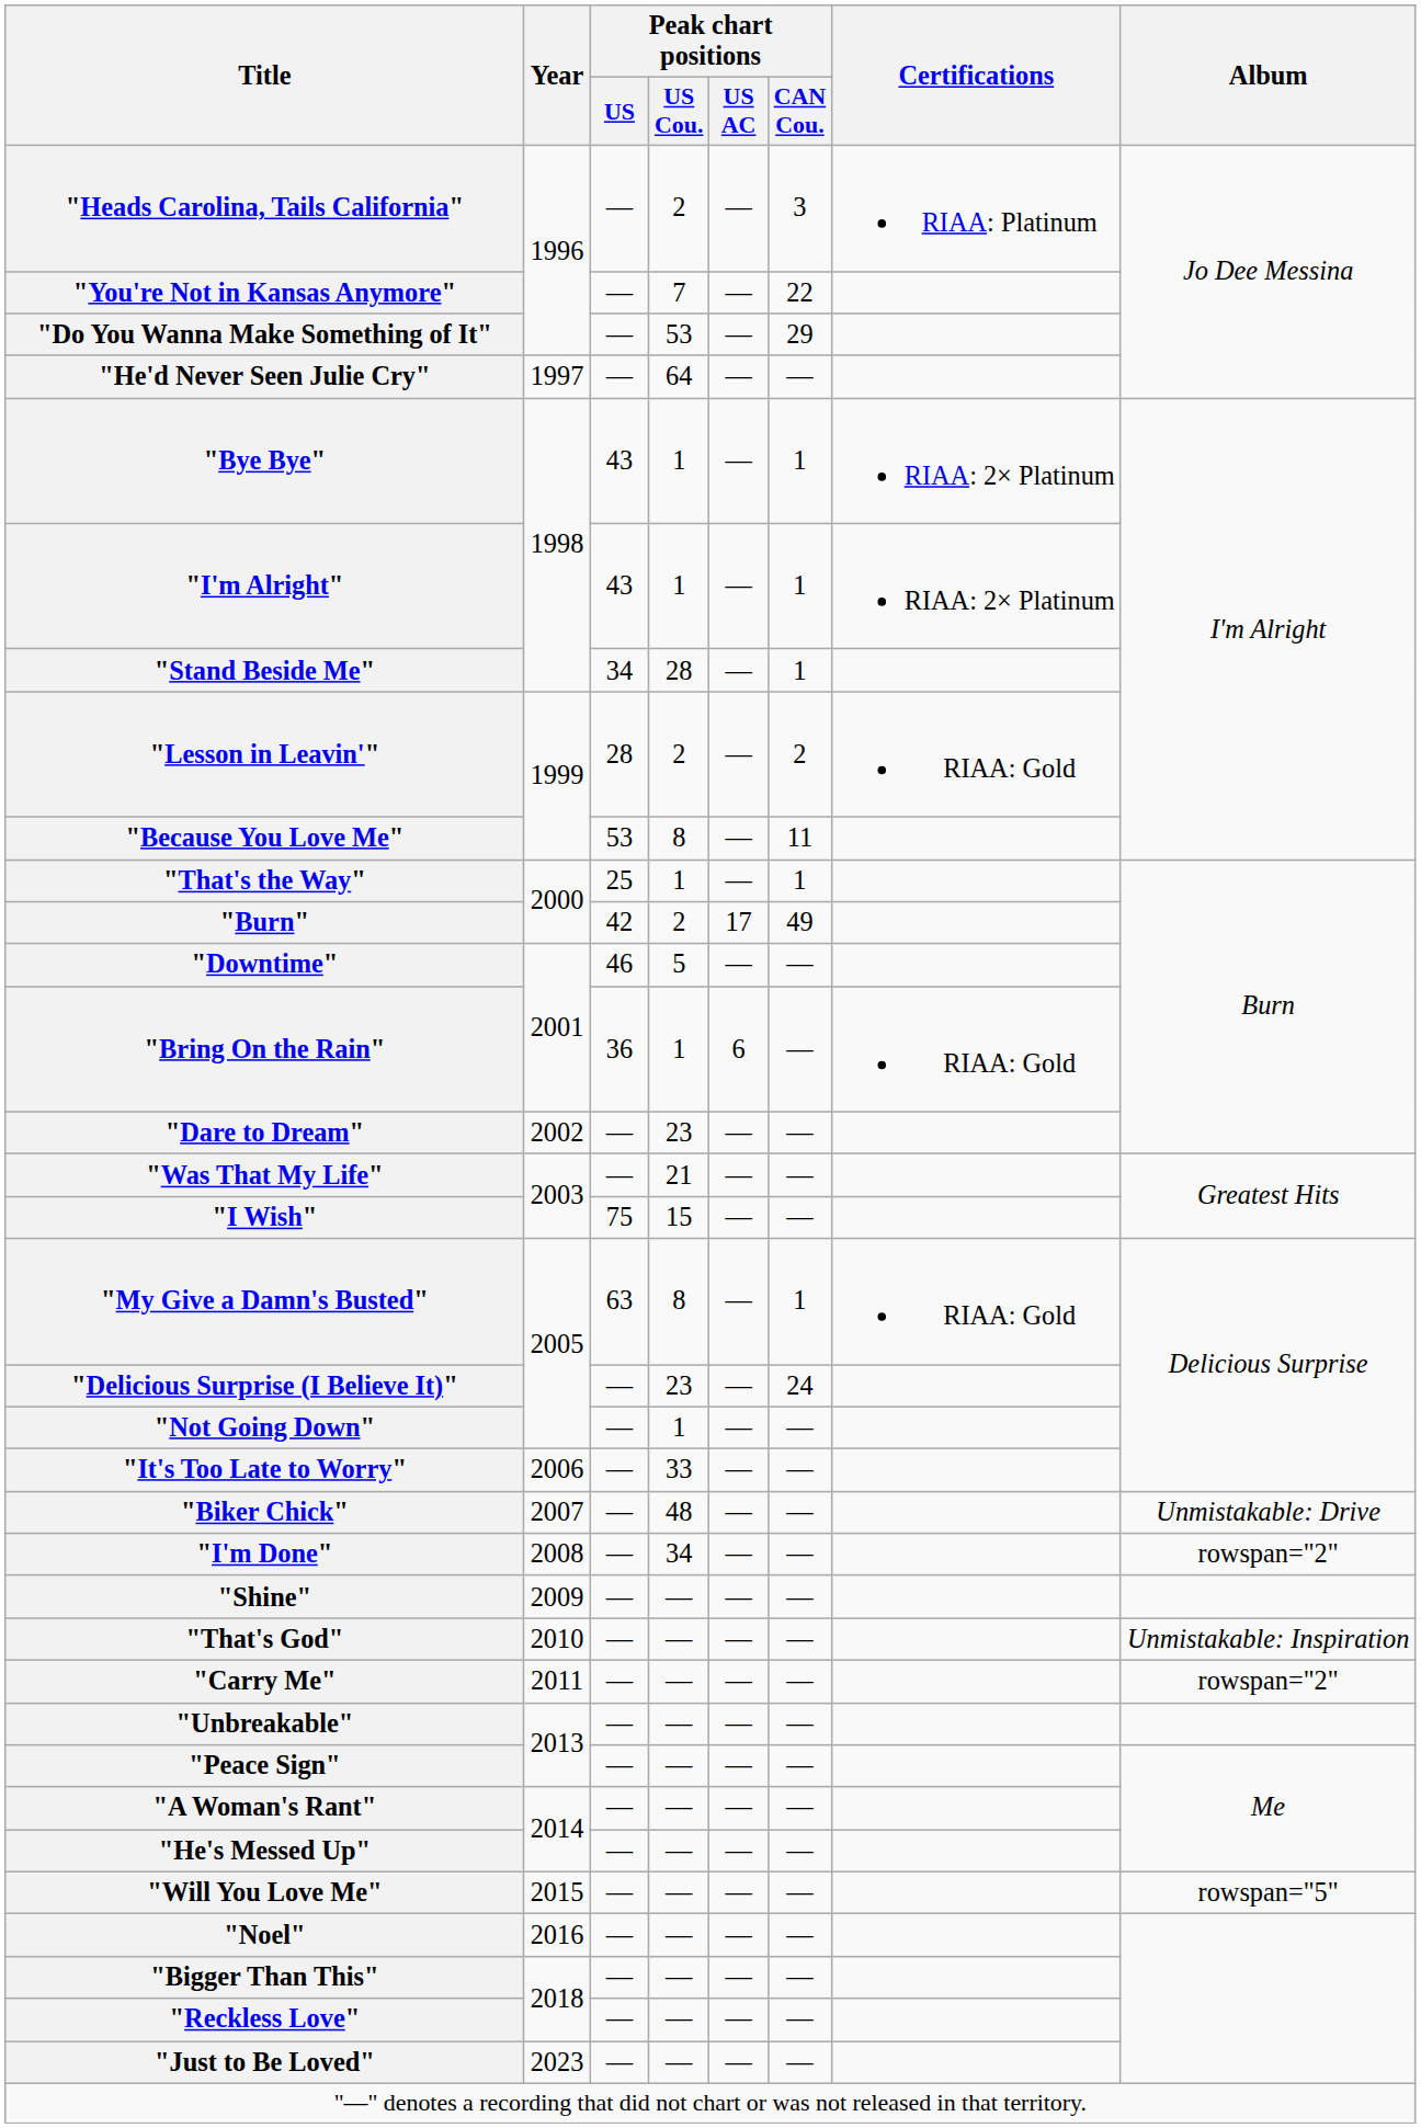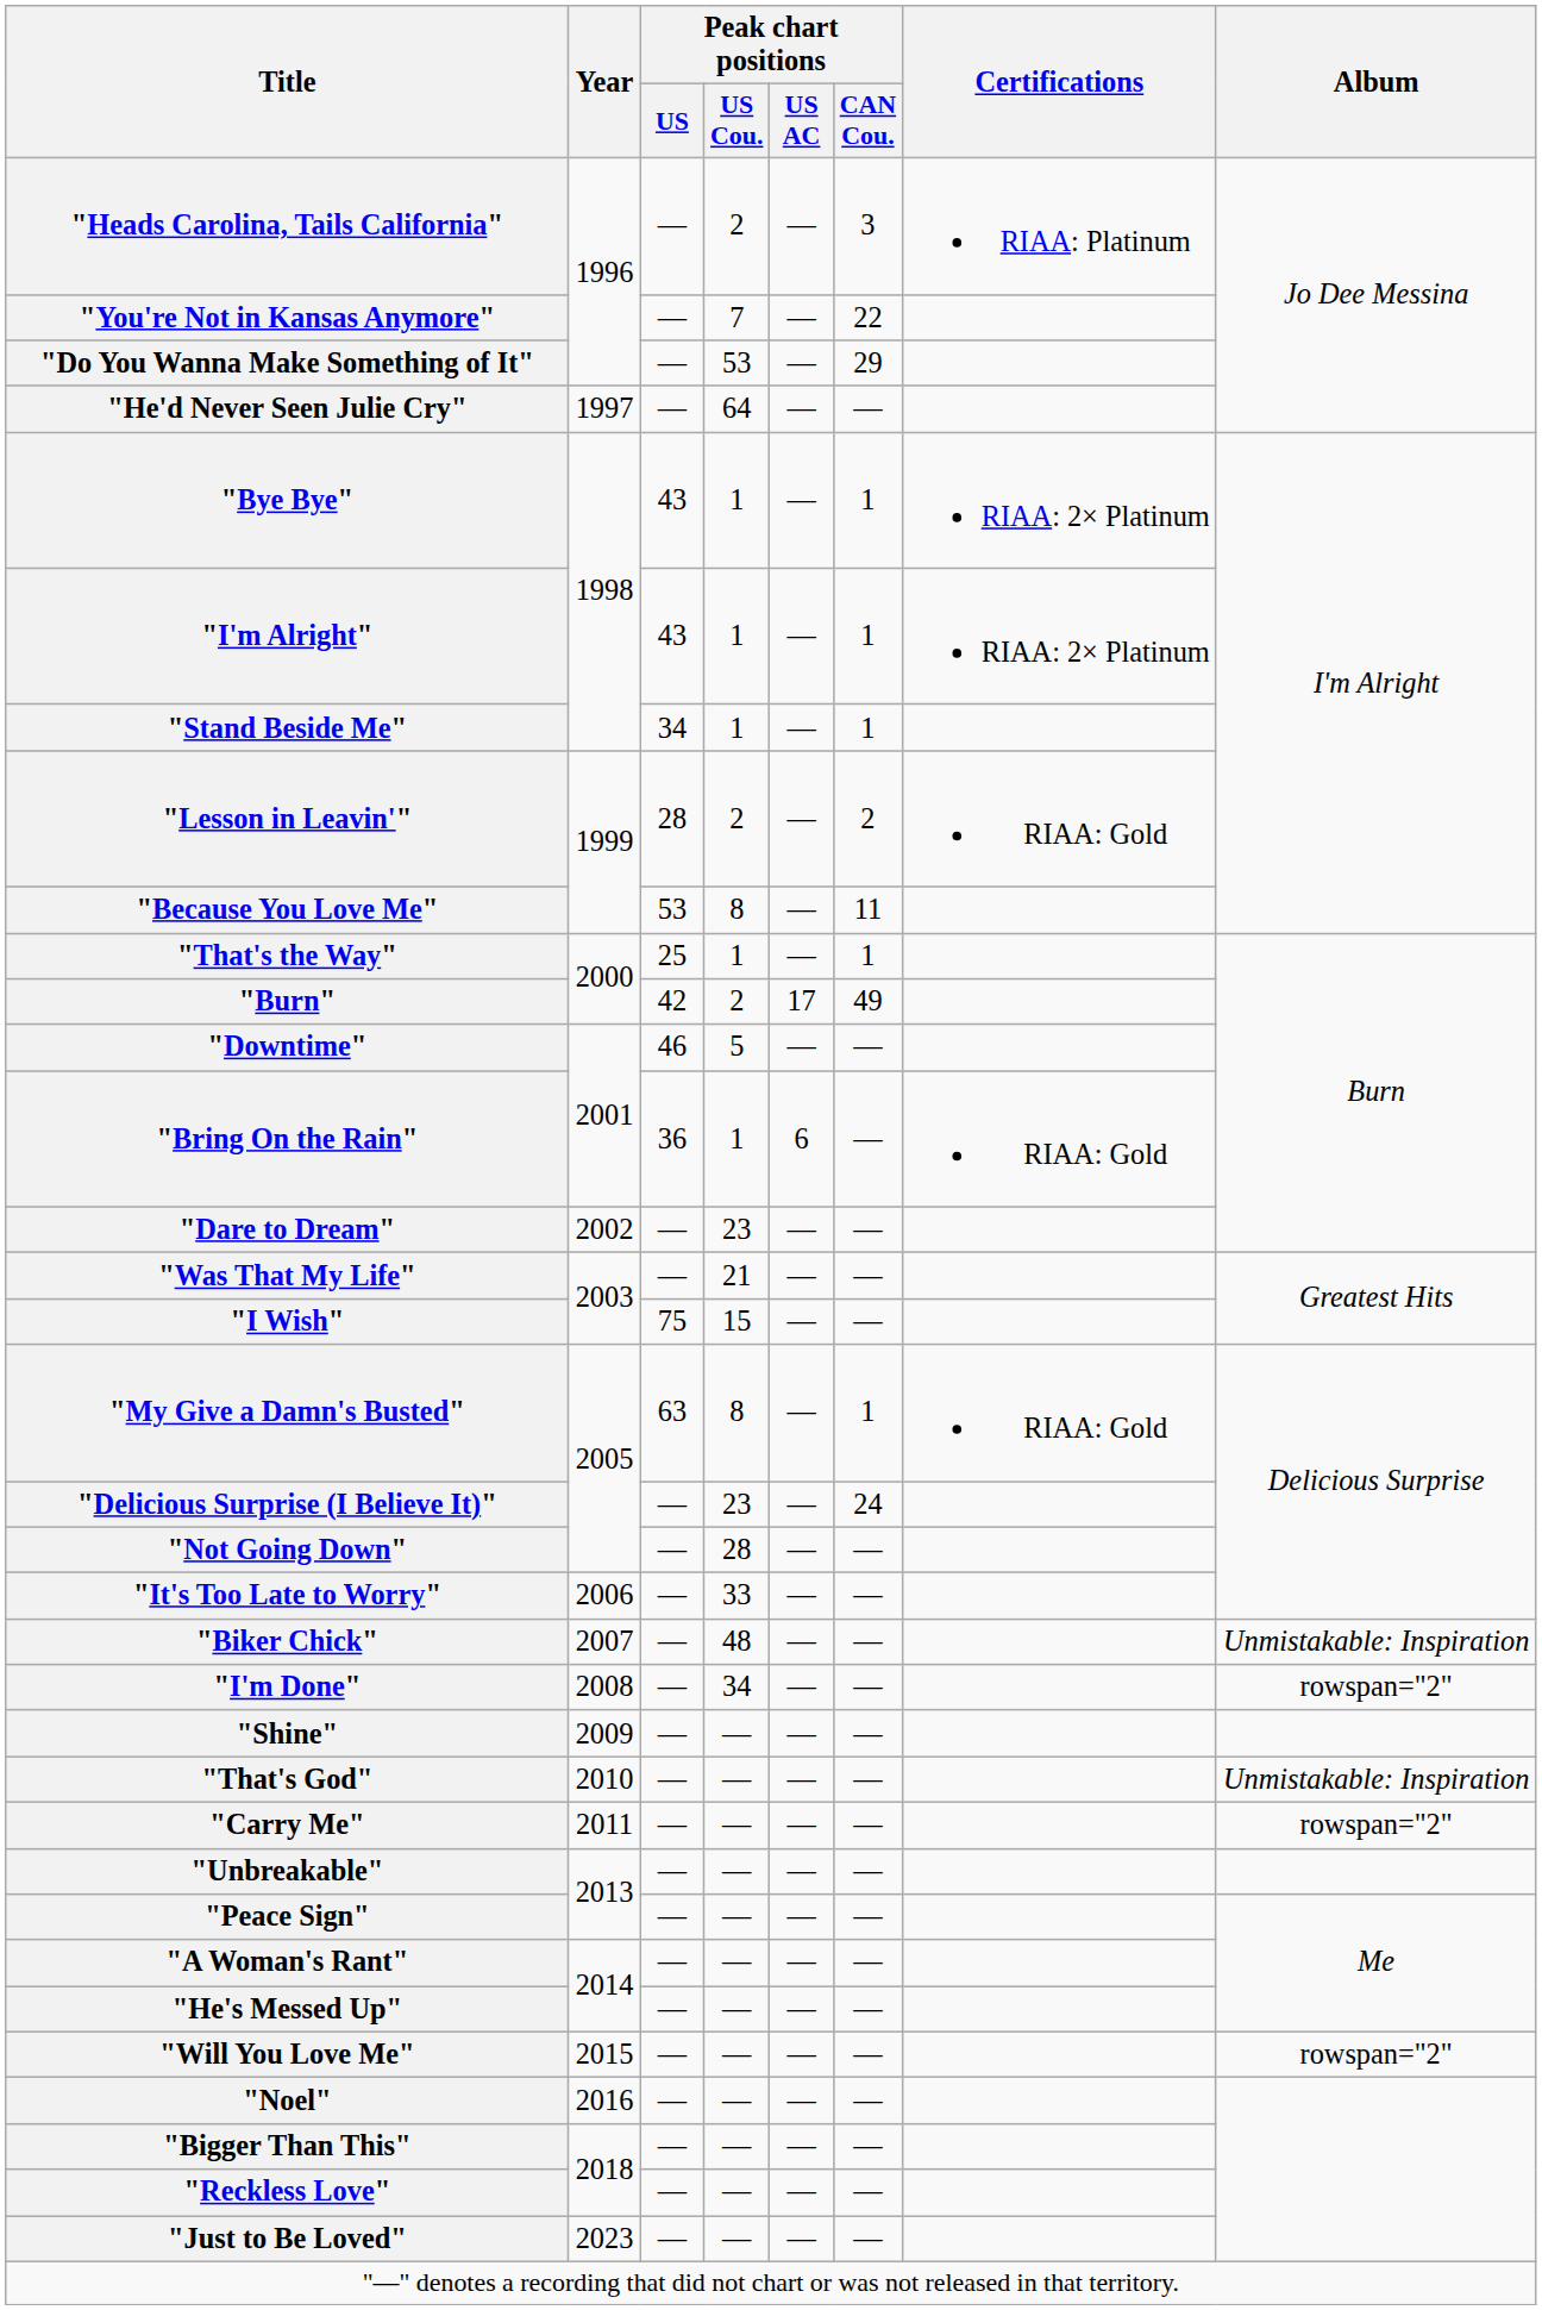 <table class="wikitable plainrowheaders" style="text-align:center;" border="1">
 <tr>
 <th scope="col" rowspan="2" style="width:19em;">Title</th>
 <th scope="col" rowspan="2">Year</th>
 <th scope="col" colspan="4">Peak chart positions</th>
 <th scope="col" rowspan="2"><a href='#'>Certifications</a></th>
 <th scope="col" rowspan="2">Album</th>
 </tr>
 <tr>
 <th scope="col" style="width:2em;font-size:90%;"><a href='#'>US</a><br></th>
 <th scope="col" style="width:2em;font-size:90%;"><a href='#'>US<br>Cou.</a><br></th>
 <th scope="col" style="width:2em;font-size:90%;"><a href='#'>US<br>AC</a><br></th>
 <th scope="col" style="width:2em;font-size:90%;"><a href='#'>CAN<br>Cou.</a><br></th>
 </tr>
 <tr>
 <th scope="row">"<a href='#'>Heads Carolina, Tails California</a>"</th>
 <td rowspan="3">1996</td>
 <td>—</td>
 <td>2</td>
 <td>—</td>
 <td>3</td>
 <td><br><ul><li><a href='#'>RIAA</a>: Platinum</li></ul></td>
 <td rowspan="4"><em>Jo Dee Messina</em></td>
 </tr>
 <tr>
 <th scope="row">"<a href='#'>You're Not in Kansas Anymore</a>"</th>
 <td>—</td>
 <td>7</td>
 <td>—</td>
 <td>22</td>
 <td></td>
 </tr>
 <tr>
 <th scope="row">"Do You Wanna Make Something of It"</th>
 <td>—</td>
 <td>53</td>
 <td>—</td>
 <td>29</td>
 <td></td>
 </tr>
 <tr>
 <th scope="row">"He'd Never Seen Julie Cry"</th>
 <td>1997</td>
 <td>—</td>
 <td>64</td>
 <td>—</td>
 <td>—</td>
 <td></td>
 </tr>
 <tr>
 <th scope="row">"<a href='#'>Bye Bye</a>"</th>
 <td rowspan="3">1998</td>
 <td>43</td>
 <td>1</td>
 <td>—</td>
 <td>1</td>
 <td><br><ul><li><a href='#'>RIAA</a>: 2× Platinum</li></ul></td>
 <td rowspan="5"><em>I'm Alright</em></td>
 </tr>
 <tr>
 <th scope="row">"<a href='#'>I'm Alright</a>"</th>
 <td>43</td>
 <td>1</td>
 <td>—</td>
 <td>1</td>
 <td><br><ul><li>RIAA: 2× Platinum</li></ul></td>
 </tr>
 <tr>
 <th scope="row">"<a href='#'>Stand Beside Me</a>"</th>
 <td>34</td>
-<td>28</td>
+<td>1</td>
 <td>—</td>
 <td>1</td>
 <td></td>
 </tr>
 <tr>
 <th scope="row">"<a href='#'>Lesson in Leavin'</a>"</th>
 <td rowspan="2">1999</td>
 <td>28</td>
 <td>2</td>
 <td>—</td>
 <td>2</td>
 <td><br><ul><li>RIAA: Gold</li></ul></td>
 </tr>
 <tr>
 <th scope="row">"<a href='#'>Because You Love Me</a>"</th>
 <td>53</td>
 <td>8</td>
 <td>—</td>
 <td>11</td>
 <td></td>
 </tr>
 <tr>
 <th scope="row">"<a href='#'>That's the Way</a>"</th>
 <td rowspan="2">2000</td>
 <td>25</td>
 <td>1</td>
 <td>—</td>
 <td>1</td>
 <td></td>
 <td rowspan="5"><em>Burn</em></td>
 </tr>
 <tr>
 <th scope="row">"<a href='#'>Burn</a>"</th>
 <td>42</td>
 <td>2</td>
 <td>17</td>
 <td>49</td>
 <td></td>
 </tr>
 <tr>
 <th scope="row">"<a href='#'>Downtime</a>"</th>
 <td rowspan="2">2001</td>
 <td>46</td>
 <td>5</td>
 <td>—</td>
 <td>—</td>
 <td></td>
 </tr>
 <tr>
 <th scope="row">"<a href='#'>Bring On the Rain</a>" </th>
 <td>36</td>
 <td>1</td>
 <td>6</td>
 <td>—</td>
 <td><br><ul><li>RIAA: Gold</li></ul></td>
 </tr>
 <tr>
 <th scope="row">"<a href='#'>Dare to Dream</a>"</th>
 <td>2002</td>
 <td>—</td>
 <td>23</td>
 <td>—</td>
 <td>—</td>
 <td></td>
 </tr>
 <tr>
 <th scope="row">"<a href='#'>Was That My Life</a>"</th>
 <td rowspan="2">2003</td>
 <td>—</td>
 <td>21</td>
 <td>—</td>
 <td>—</td>
 <td></td>
 <td rowspan="2"><em>Greatest Hits</em></td>
 </tr>
 <tr>
 <th scope="row">"<a href='#'>I Wish</a>"</th>
 <td>75</td>
 <td>15</td>
 <td>—</td>
 <td>—</td>
 <td></td>
 </tr>
 <tr>
 <th scope="row">"<a href='#'>My Give a Damn's Busted</a>"</th>
 <td rowspan="3">2005</td>
 <td>63</td>
 <td>8</td>
 <td>—</td>
 <td>1</td>
 <td><br><ul><li>RIAA: Gold</li></ul></td>
 <td rowspan="4"><em>Delicious Surprise</em></td>
 </tr>
 <tr>
 <th scope="row">"<a href='#'>Delicious Surprise (I Believe It)</a>"</th>
 <td>—</td>
 <td>23</td>
 <td>—</td>
 <td>24</td>
 <td></td>
 </tr>
 <tr>
 <th scope="row">"<a href='#'>Not Going Down</a>"</th>
 <td>—</td>
-<td>1</td>
+<td>28</td>
 <td>—</td>
 <td>—</td>
 <td></td>
 </tr>
 <tr>
 <th scope="row">"<a href='#'>It's Too Late to Worry</a>"</th>
 <td>2006</td>
 <td>—</td>
 <td>33</td>
 <td>—</td>
 <td>—</td>
 <td></td>
 </tr>
 <tr>
 <th scope="row">"<a href='#'>Biker Chick</a>"</th>
 <td>2007</td>
 <td>—</td>
 <td>48</td>
 <td>—</td>
 <td>—</td>
 <td></td>
-<td><em>Unmistakable: Drive</em></td>
+<td><em>Unmistakable: Inspiration</em></td>
 </tr>
 <tr>
 <th scope="row">"<a href='#'>I'm Done</a>"</th>
 <td>2008</td>
 <td>—</td>
 <td>34</td>
 <td>—</td>
 <td>—</td>
 <td></td>
 <td>rowspan="2" </td>
 </tr>
 <tr>
 <th scope="row">"Shine"</th>
 <td>2009</td>
 <td>—</td>
 <td>—</td>
 <td>—</td>
 <td>—</td>
 <td></td>
 </tr>
 <tr>
 <th scope="row">"That's God"</th>
 <td>2010</td>
 <td>—</td>
 <td>—</td>
 <td>—</td>
 <td>—</td>
 <td></td>
 <td><em>Unmistakable: Inspiration</em></td>
 </tr>
 <tr>
 <th scope="row">"Carry Me"</th>
 <td>2011</td>
 <td>—</td>
 <td>—</td>
 <td>—</td>
 <td>—</td>
 <td></td>
 <td>rowspan="2" </td>
 </tr>
 <tr>
 <th scope="row">"Unbreakable" </th>
 <td rowspan="2">2013</td>
 <td>—</td>
 <td>—</td>
 <td>—</td>
 <td>—</td>
 <td></td>
 </tr>
 <tr>
 <th scope="row">"Peace Sign"</th>
 <td>—</td>
 <td>—</td>
 <td>—</td>
 <td>—</td>
 <td></td>
 <td rowspan="3"><em>Me</em></td>
 </tr>
 <tr>
 <th scope="row">"A Woman's Rant"</th>
 <td rowspan="2">2014</td>
 <td>—</td>
 <td>—</td>
 <td>—</td>
 <td>—</td>
 <td></td>
 </tr>
 <tr>
 <th scope="row">"He's Messed Up"</th>
 <td>—</td>
 <td>—</td>
 <td>—</td>
 <td>—</td>
 <td></td>
 </tr>
 <tr>
 <th scope="row">"Will You Love Me"</th>
 <td>2015</td>
 <td>—</td>
 <td>—</td>
 <td>—</td>
 <td>—</td>
 <td></td>
-<td>rowspan="5" </td>
+<td>rowspan="2" </td>
 </tr>
 <tr>
 <th scope="row">"Noel"</th>
 <td>2016</td>
 <td>—</td>
 <td>—</td>
 <td>—</td>
 <td>—</td>
 <td></td>
 </tr>
 <tr>
 <th scope="row">"Bigger Than This"</th>
 <td rowspan="2">2018</td>
 <td>—</td>
 <td>—</td>
 <td>—</td>
 <td>—</td>
 <td></td>
 </tr>
 <tr>
 <th scope="row">"<a href='#'>Reckless Love</a>"</th>
 <td>—</td>
 <td>—</td>
 <td>—</td>
 <td>—</td>
 <td></td>
 </tr>
 <tr>
 <th scope="row">"Just to Be Loved"</th>
 <td>2023</td>
 <td>—</td>
 <td>—</td>
 <td>—</td>
 <td>—</td>
 <td></td>
 </tr>
 <tr>
 <td colspan="8" style="font-size:90%">"—" denotes a recording that did not chart or was not released in that territory.</td>
 </tr>
 </table>
